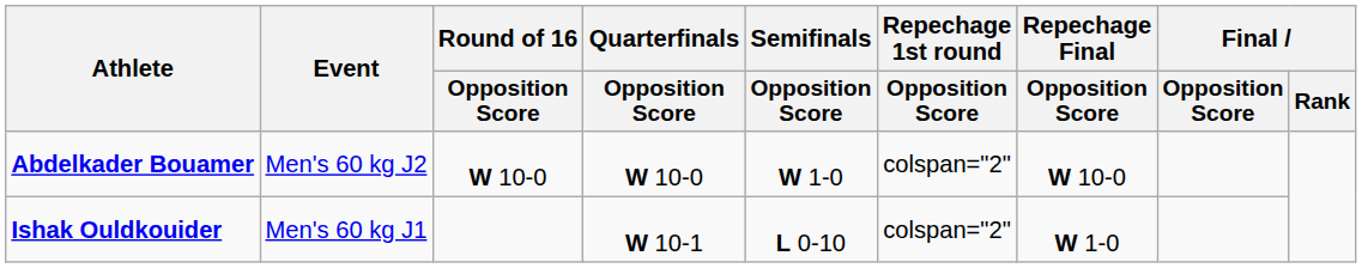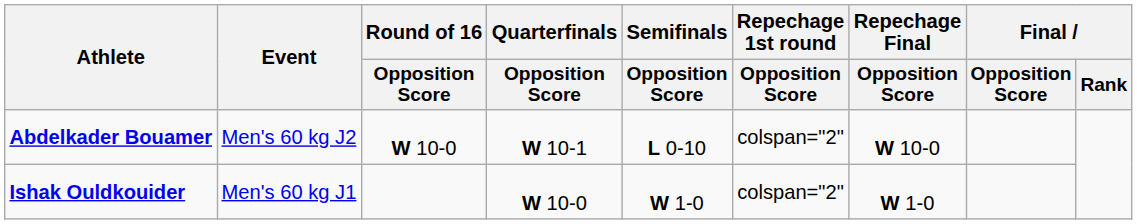 <table class=wikitable style="font-size:90%">
 <tr>
 <th rowspan=2>Athlete</th>
 <th rowspan=2>Event</th>
 <th>Round of 16</th>
 <th>Quarterfinals</th>
 <th>Semifinals</th>
 <th>Repechage<br>1st round</th>
 <th>Repechage<br>Final</th>
 <th colspan=2>Final / </th>
 </tr>
 <tr style="font-size:95%">
 <th>Opposition<br>Score</th>
 <th>Opposition<br>Score</th>
 <th>Opposition<br>Score</th>
 <th>Opposition<br>Score</th>
 <th>Opposition<br>Score</th>
 <th>Opposition<br>Score</th>
 <th>Rank</th>
 </tr>
 <tr align=center>
 <td align=left><strong><a href='#'>Abdelkader Bouamer</a></strong></td>
 <td align=left><a href='#'>Men's 60 kg J2</a></td>
 <td><br><strong>W</strong> 10-0</td>
-<td><br><strong>W</strong> 10-0</td>
-<td><br><strong>W</strong> 1-0</td>
+<td><br><strong>W</strong> 10-1</td>
+<td><br><strong>L</strong> 0-10</td>
 <td>colspan="2" </td>
 <td><br><strong>W</strong> 10-0</td>
 <td></td>
 </tr>
 <tr align=center>
 <td align=left><strong><a href='#'>Ishak Ouldkouider</a></strong></td>
 <td align=left><a href='#'>Men's 60 kg J1</a></td>
 <td></td>
-<td><br><strong>W</strong> 10-1</td>
-<td><br><strong>L</strong> 0-10</td>
+<td><br><strong>W</strong> 10-0</td>
+<td><br><strong>W</strong> 1-0</td>
 <td>colspan="2" </td>
 <td><br><strong>W</strong> 1-0</td>
 <td></td>
 </tr>
 </table>
